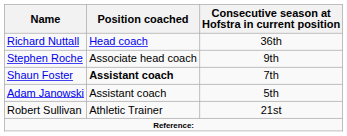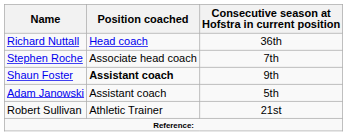 <table class="wikitable" style="font-size:93%;">
 <tr>
 <th>Name</th>
 <th>Position coached</th>
 <th>Consecutive season at<br>Hofstra in current position</th>
 </tr>
 <tr>
 <td><a href='#'>Richard Nuttall</a></td>
 <td><a href='#'>Head coach</a></td>
 <td align=center>36th</td>
 </tr>
 <tr>
 <td><a href='#'>Stephen Roche</a></td>
 <td>Associate head coach</td>
-<td align=center>9th</td>
+<td align=center>7th</td>
 </tr>
 <tr>
 <td><a href='#'>Shaun Foster</a></td>
 <td><strong>Assistant coach</strong></td>
-<td align=center>7th</td>
+<td align=center>9th</td>
 </tr>
 <tr>
 <td><a href='#'>Adam Janowski</a></td>
 <td>Assistant coach</td>
 <td align=center>5th</td>
 </tr>
 <tr>
 <td>Robert Sullivan</td>
 <td>Athletic Trainer</td>
 <td align=center>21st</td>
 </tr>
 <tr>
 <td colspan="4" style="font-size:8pt; text-align:center;"><strong>Reference:</strong></td>
 </tr>
 </table>
